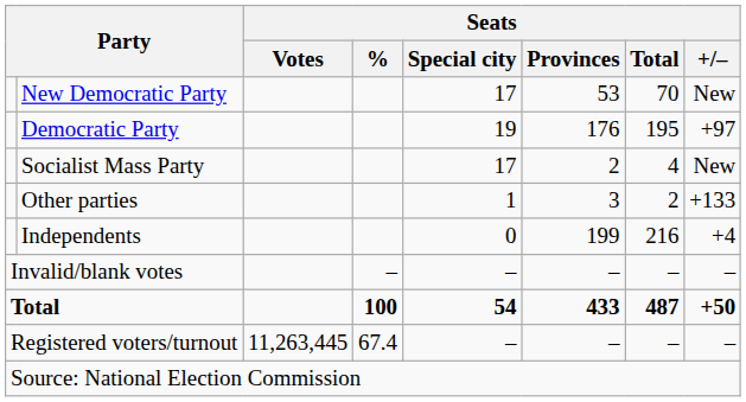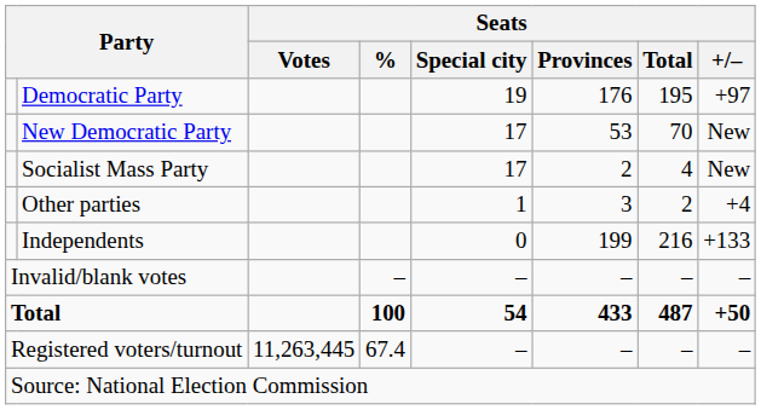 <table class="wikitable" style="text-align:right">
 <tr>
 <th colspan="2" rowspan="2">Party</th>
 <th colspan="6">Seats</th>
 </tr>
 <tr>
 <th>Votes</th>
 <th>%</th>
 <th>Special city</th>
 <th>Provinces</th>
 <th>Total</th>
 <th>+/–</th>
 </tr>
 <tr>
 <td></td>
+<td align="left"><a href='#'>Democratic Party</a></td>
+<td></td>
+<td></td>
+<td>19</td>
+<td>176</td>
+<td>195</td>
+<td>+97</td>
+</tr>
+<tr>
+<td></td>
 <td align="left"><a href='#'>New Democratic Party</a></td>
 <td></td>
 <td></td>
 <td>17</td>
 <td>53</td>
 <td>70</td>
 <td>New</td>
-</tr>
-<tr>
-<td></td>
-<td align="left"><a href='#'>Democratic Party</a></td>
-<td></td>
-<td></td>
-<td>19</td>
-<td>176</td>
-<td>195</td>
-<td>+97</td>
 </tr>
 <tr>
 <td></td>
 <td align="left">Socialist Mass Party</td>
 <td></td>
 <td></td>
 <td>17</td>
 <td>2</td>
 <td>4</td>
 <td>New</td>
 </tr>
 <tr>
 <td></td>
 <td align="left">Other parties</td>
 <td></td>
 <td></td>
 <td>1</td>
 <td>3</td>
 <td>2</td>
-<td>+133</td>
+<td>+4</td>
 </tr>
 <tr>
 <td></td>
 <td align="left">Independents</td>
 <td></td>
 <td></td>
 <td>0</td>
 <td>199</td>
 <td>216</td>
-<td>+4</td>
+<td>+133</td>
 </tr>
 <tr>
 <td colspan="2" align="left">Invalid/blank votes</td>
 <td></td>
 <td>–</td>
 <td>–</td>
 <td>–</td>
 <td>–</td>
 <td>–</td>
 </tr>
 <tr>
 <td colspan="2" align="left"><strong>Total</strong></td>
 <td></td>
 <td><strong>100</strong></td>
 <td><strong>54</strong></td>
 <td><strong>433</strong></td>
 <td><strong>487</strong></td>
 <td><strong>+50</strong></td>
 </tr>
 <tr>
 <td colspan="2" align="left">Registered voters/turnout</td>
 <td>11,263,445</td>
 <td>67.4</td>
 <td>–</td>
 <td>–</td>
 <td>–</td>
 <td>–</td>
 </tr>
 <tr>
 <td colspan="8" align="left">Source: National Election Commission</td>
 </tr>
 </table>
